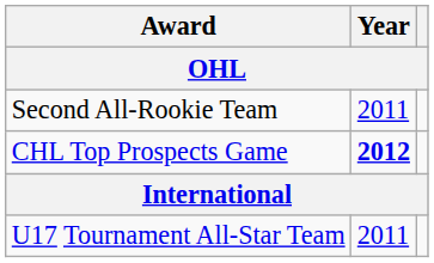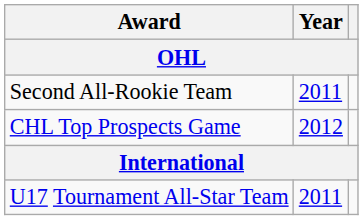 <table class="wikitable">
 <tr>
 <th>Award</th>
 <th>Year</th>
 <th></th>
 </tr>
 <tr ALIGN="center" bgcolor="#e0e0e0">
 <th colspan="3"><a href='#'>OHL</a></th>
 </tr>
 <tr>
 <td>Second All-Rookie Team</td>
 <td><a href='#'>2011</a></td>
 <td></td>
 </tr>
 <tr>
 <td><a href='#'>CHL Top Prospects Game</a></td>
-<td><strong><a href='#'>2012</a></strong></td>
+<td><a href='#'>2012</a></td>
 <td></td>
 </tr>
 <tr ALIGN="center" bgcolor="#e0e0e0">
 <th colspan="3"><a href='#'>International</a></th>
 </tr>
 <tr>
 <td><a href='#'>U17</a> <a href='#'>Tournament All-Star Team</a></td>
 <td><a href='#'>2011</a></td>
 <td></td>
 </tr>
 </table>
